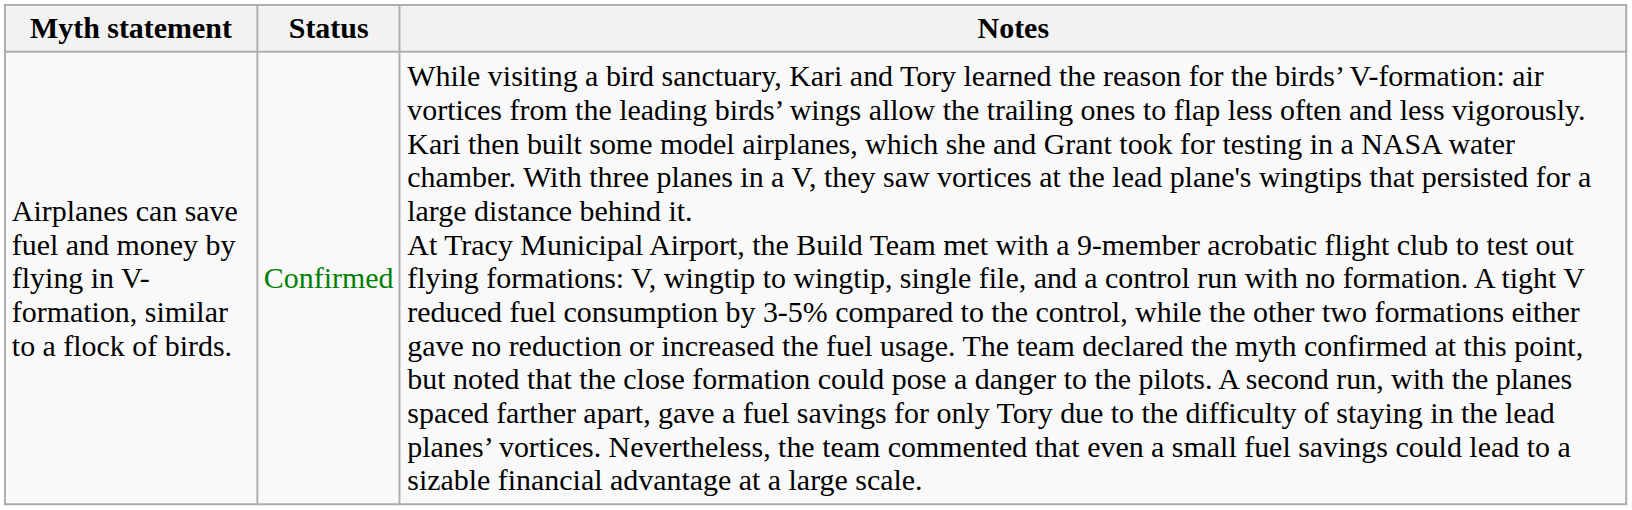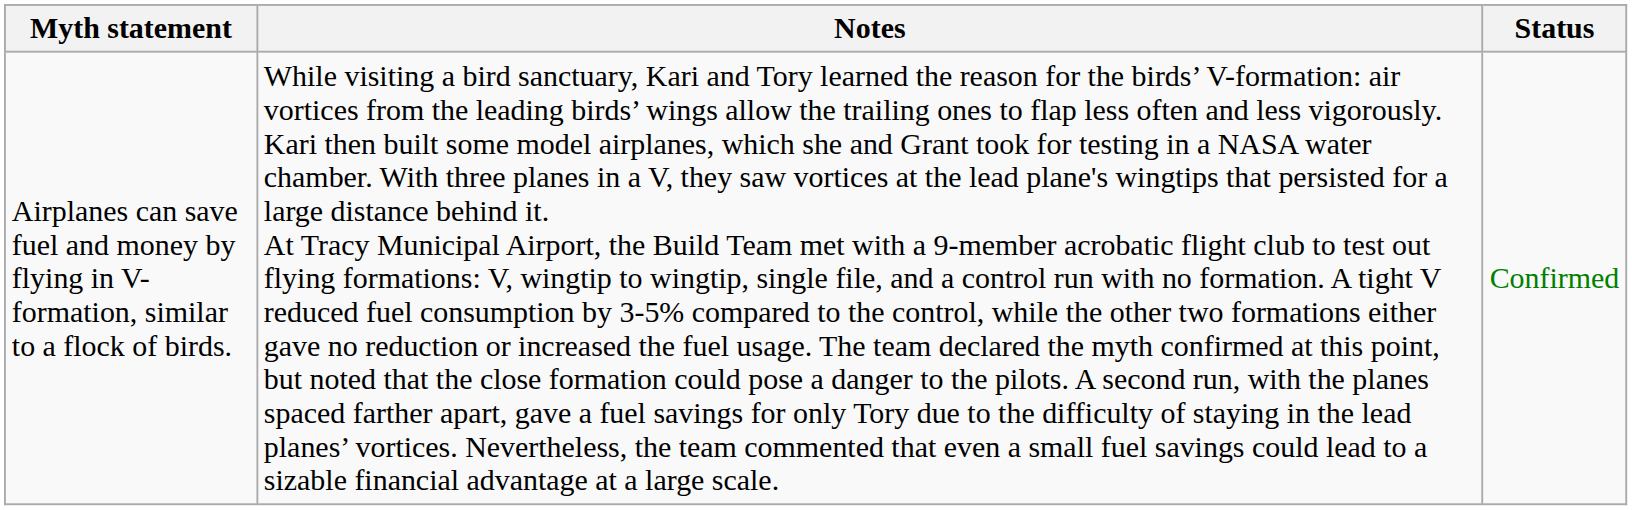 <table class="wikitable plainrowheaders">
 <tr>
 <th>Myth statement</th>
+<th>Notes</th>
 <th>Status</th>
-<th>Notes</th>
 </tr>
 <tr>
 <td>Airplanes can save fuel and money by flying in V-formation, similar to a flock of birds.</td>
+<td>While visiting a bird sanctuary, Kari and Tory learned the reason for the birds’ V-formation: air vortices from the leading birds’ wings allow the trailing ones to flap less often and less vigorously. Kari then built some model airplanes, which she and Grant took for testing in a NASA water chamber. With three planes in a V, they saw vortices at the lead plane's wingtips that persisted for a large distance behind it.<br>At Tracy Municipal Airport, the Build Team met with a 9-member acrobatic flight club to test out flying formations: V, wingtip to wingtip, single file, and a control run with no formation. A tight V reduced fuel consumption by 3-5% compared to the control, while the other two formations either gave no reduction or increased the fuel usage. The team declared the myth confirmed at this point, but noted that the close formation could pose a danger to the pilots. A second run, with the planes spaced farther apart, gave a fuel savings for only Tory due to the difficulty of staying in the lead planes’ vortices. Nevertheless, the team commented that even a small fuel savings could lead to a sizable financial advantage at a large scale.</td>
 <td style="color:green">Confirmed</td>
-<td>While visiting a bird sanctuary, Kari and Tory learned the reason for the birds’ V-formation: air vortices from the leading birds’ wings allow the trailing ones to flap less often and less vigorously. Kari then built some model airplanes, which she and Grant took for testing in a NASA water chamber. With three planes in a V, they saw vortices at the lead plane's wingtips that persisted for a large distance behind it.<br>At Tracy Municipal Airport, the Build Team met with a 9-member acrobatic flight club to test out flying formations: V, wingtip to wingtip, single file, and a control run with no formation. A tight V reduced fuel consumption by 3-5% compared to the control, while the other two formations either gave no reduction or increased the fuel usage. The team declared the myth confirmed at this point, but noted that the close formation could pose a danger to the pilots. A second run, with the planes spaced farther apart, gave a fuel savings for only Tory due to the difficulty of staying in the lead planes’ vortices. Nevertheless, the team commented that even a small fuel savings could lead to a sizable financial advantage at a large scale.</td>
 </tr>
 </table>
